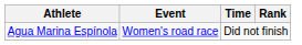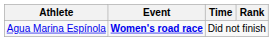 <table class=wikitable style=font-size:90%;>
 <tr>
 <th>Athlete</th>
 <th>Event</th>
 <th>Time</th>
 <th>Rank</th>
 </tr>
 <tr align=center>
 <td align=left><a href='#'>Agua Marina Espínola</a></td>
-<td align=left><a href='#'>Women's road race</a></td>
+<td align=left><strong><a href='#'>Women's road race</a></strong></td>
 <td colspan=2>Did not finish</td>
 </tr>
 </table>
